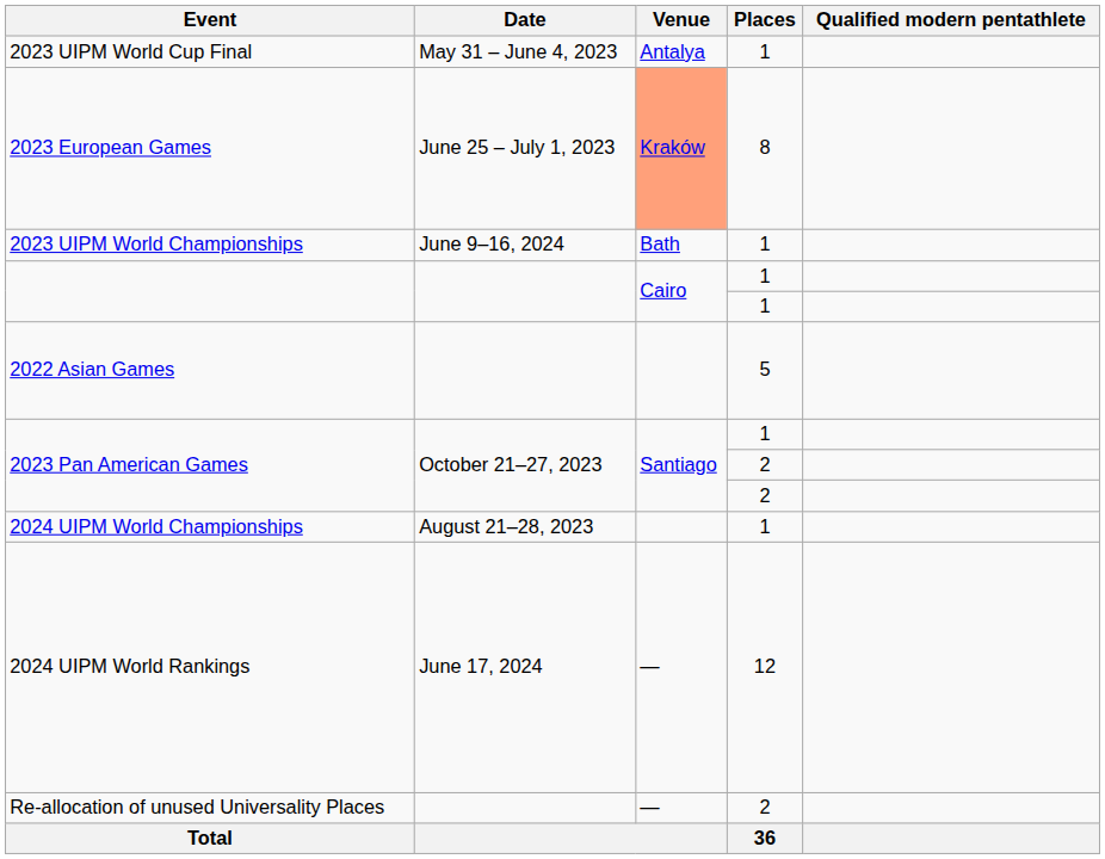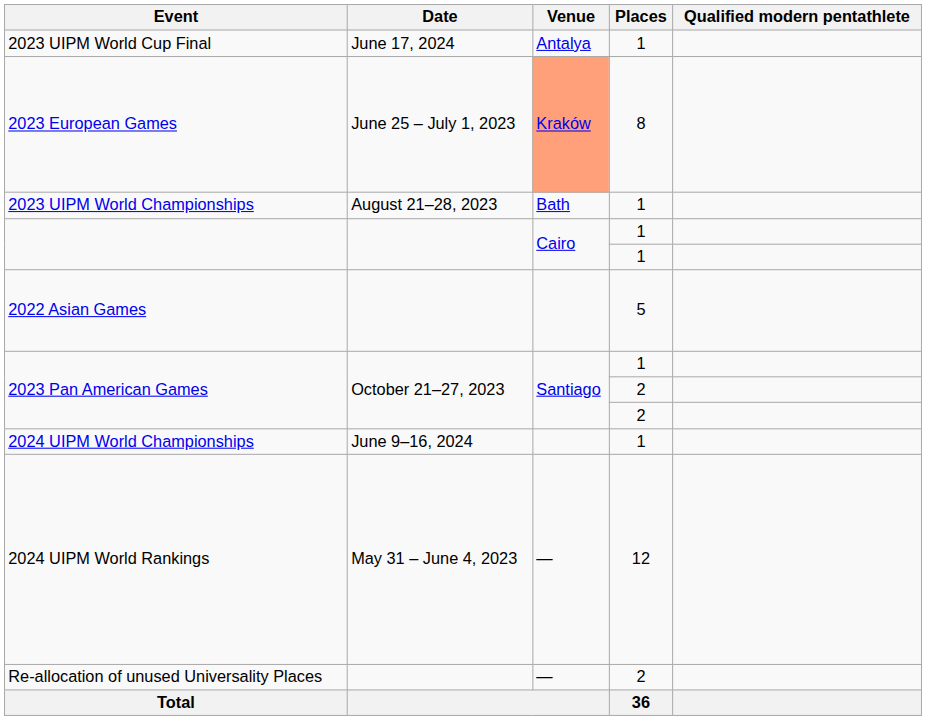 <table class=wikitable width=900>
 <tr>
 <th>Event</th>
 <th>Date</th>
 <th>Venue</th>
 <th>Places</th>
 <th>Qualified modern pentathlete</th>
 </tr>
 <tr>
 <td>2023 UIPM World Cup Final</td>
-<td>May 31 – June 4, 2023</td>
+<td>June 17, 2024</td>
 <td> <a href='#'>Antalya</a></td>
 <td align=center>1</td>
 <td></td>
 </tr>
 <tr>
 <td><a href='#'>2023 European Games</a></td>
 <td>June 25 – July 1, 2023</td>
 <td style="background: lightsalmon;"> <a href='#'>Kraków</a></td>
 <td align=center>8</td>
 <td><br><br><br><br><br><br><br></td>
 </tr>
 <tr>
 <td><a href='#'>2023 UIPM World Championships</a></td>
-<td>June 9–16, 2024</td>
+<td>August 21–28, 2023</td>
 <td> <a href='#'>Bath</a></td>
 <td align=center>1</td>
 <td></td>
 </tr>
 <tr>
 <td rowspan=2></td>
 <td rowspan=2></td>
 <td rowspan=2> <a href='#'>Cairo</a></td>
 <td align=center>1</td>
 <td></td>
 </tr>
 <tr>
 <td align=center>1</td>
 <td><s></s></td>
 </tr>
 <tr>
 <td><a href='#'>2022 Asian Games</a></td>
 <td></td>
 <td></td>
 <td align=center>5</td>
 <td><br><br><br><br></td>
 </tr>
 <tr>
 <td rowspan=3><a href='#'>2023 Pan American Games</a></td>
 <td rowspan=3>October 21–27, 2023</td>
 <td rowspan=3> <a href='#'>Santiago</a></td>
 <td align=center>1</td>
 <td></td>
 </tr>
 <tr>
 <td align=center>2</td>
 <td><br></td>
 </tr>
 <tr>
 <td align=center>2</td>
 <td><br></td>
 </tr>
 <tr>
 <td><a href='#'>2024 UIPM World Championships</a></td>
-<td>August 21–28, 2023</td>
+<td>June 9–16, 2024</td>
 <td></td>
 <td align=center>1</td>
 <td></td>
 </tr>
 <tr>
 <td>2024 UIPM World Rankings</td>
-<td>June 17, 2024</td>
+<td>May 31 – June 4, 2023</td>
 <td>—</td>
 <td align=center>12</td>
 <td><br><br><br><br><br><br><br><br><br><br><br></td>
 </tr>
 <tr>
 <td>Re-allocation of unused Universality Places</td>
 <td></td>
 <td>—</td>
 <td align=center>2</td>
 <td><br></td>
 </tr>
 <tr>
 <th>Total</th>
 <th colspan="2"></th>
 <th>36</th>
 <th></th>
 </tr>
 </table>
